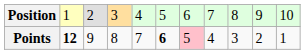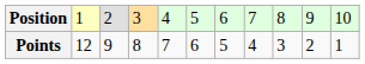 <table class="wikitable">
 <tr>
 <th scope="row">Position</th>
 <td width="20" bgcolor="#ffffbf">1</td>
 <td width="20" bgcolor="#dfdfdf">2</td>
 <td width="20" bgcolor="#ffdf9f">3</td>
 <td width="20" bgcolor="#dfffdf">4</td>
 <td width="20" bgcolor="#dfffdf">5</td>
 <td width="20" bgcolor="#dfffdf">6</td>
 <td width="20" bgcolor="#dfffdf">7</td>
 <td width="20" bgcolor="#dfffdf">8</td>
 <td width="20" bgcolor="#dfffdf">9</td>
 <td width="20" bgcolor="#dfffdf">10</td>
 </tr>
 <tr>
 <th scope="row">Points</th>
-<td><strong>12</strong></td>
+<td>12</td>
 <td>9</td>
 <td>8</td>
 <td>7</td>
-<td><strong>6</strong></td>
-<td style="background: pink;">5</td>
+<td>6</td>
+<td>5</td>
 <td>4</td>
 <td>3</td>
 <td>2</td>
 <td>1</td>
 </tr>
 </table>
